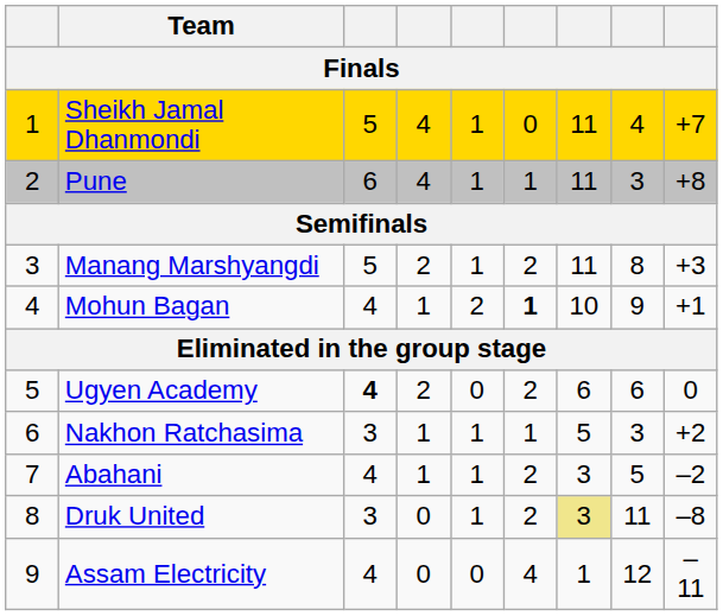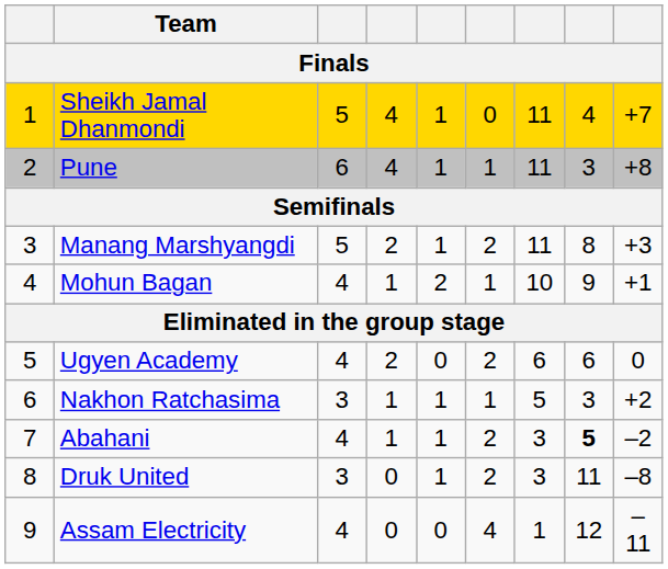 <table class="wikitable" style="text-align:center;">
 <tr>
 <th width="25"></th>
 <th width="165">Team</th>
 <th width="25"></th>
 <th width="25"></th>
 <th width="25"></th>
 <th width="25"></th>
 <th width="25"></th>
 <th width="25"></th>
 <th width="25"></th>
 </tr>
 <tr>
 <th colspan=10>Finals</th>
 </tr>
 <tr style="background:gold;">
 <td>1</td>
 <td align=left> <a href='#'>Sheikh Jamal Dhanmondi</a></td>
 <td>5</td>
 <td>4</td>
 <td>1</td>
 <td>0</td>
 <td>11</td>
 <td>4</td>
 <td>+7</td>
 </tr>
 <tr style="background:silver;">
 <td>2</td>
 <td align=left> <a href='#'>Pune</a></td>
 <td>6</td>
 <td>4</td>
 <td>1</td>
 <td>1</td>
 <td>11</td>
 <td>3</td>
 <td>+8</td>
 </tr>
 <tr>
 <th colspan=10>Semifinals</th>
 </tr>
 <tr style=>
 <td>3</td>
 <td align=left> <a href='#'>Manang Marshyangdi</a></td>
 <td>5</td>
 <td>2</td>
 <td>1</td>
 <td>2</td>
 <td>11</td>
 <td>8</td>
 <td>+3</td>
 </tr>
 <tr style=>
 <td>4</td>
 <td align=left> <a href='#'>Mohun Bagan</a></td>
 <td>4</td>
 <td>1</td>
 <td>2</td>
-<td><strong>1</strong></td>
+<td>1</td>
 <td>10</td>
 <td>9</td>
 <td>+1</td>
 </tr>
 <tr>
 <th colspan=10>Eliminated in the group stage</th>
 </tr>
 <tr>
 <td>5</td>
 <td align=left> <a href='#'>Ugyen Academy</a></td>
-<td><strong>4</strong></td>
+<td>4</td>
 <td>2</td>
 <td>0</td>
 <td>2</td>
 <td>6</td>
 <td>6</td>
 <td>0</td>
 </tr>
 <tr>
 <td>6</td>
 <td align=left> <a href='#'>Nakhon Ratchasima</a></td>
 <td>3</td>
 <td>1</td>
 <td>1</td>
 <td>1</td>
 <td>5</td>
 <td>3</td>
 <td>+2</td>
 </tr>
 <tr>
 <td>7</td>
 <td align=left> <a href='#'>Abahani</a></td>
 <td>4</td>
 <td>1</td>
 <td>1</td>
 <td>2</td>
 <td>3</td>
-<td>5</td>
+<td><strong>5</strong></td>
 <td>–2</td>
 </tr>
 <tr>
 <td>8</td>
 <td align=left> <a href='#'>Druk United</a></td>
 <td>3</td>
 <td>0</td>
 <td>1</td>
 <td>2</td>
-<td style="background: khaki;">3</td>
+<td>3</td>
 <td>11</td>
 <td>–8</td>
 </tr>
 <tr>
 <td>9</td>
 <td align=left> <a href='#'>Assam Electricity</a></td>
 <td>4</td>
 <td>0</td>
 <td>0</td>
 <td>4</td>
 <td>1</td>
 <td>12</td>
 <td>–11</td>
 </tr>
 </table>
